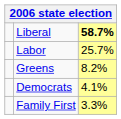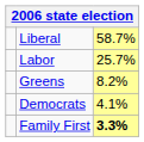 <table class="wikitable" style="float:right; margin-left:1em">
 <tr>
 <th colspan="3"><a href='#'>2006 state election</a></th>
 </tr>
 <tr>
 <td> </td>
 <td><a href='#'>Liberal</a></td>
-<td bgcolor="FFFF99"><strong>58.7%</strong></td>
+<td bgcolor="FFFF99">58.7%</td>
 </tr>
 <tr>
 <td> </td>
 <td><a href='#'>Labor</a></td>
 <td bgcolor="FFFF99">25.7%</td>
 </tr>
 <tr>
 <td> </td>
 <td><a href='#'>Greens</a></td>
 <td bgcolor="FFFF99">8.2%</td>
 </tr>
 <tr>
 <td> </td>
 <td><a href='#'>Democrats</a></td>
 <td bgcolor="FFFF99">4.1%</td>
 </tr>
 <tr>
 <td> </td>
 <td><a href='#'>Family First</a></td>
-<td bgcolor="FFFF99">3.3%</td>
+<td bgcolor="FFFF99"><strong>3.3%</strong></td>
 </tr>
 </table>
